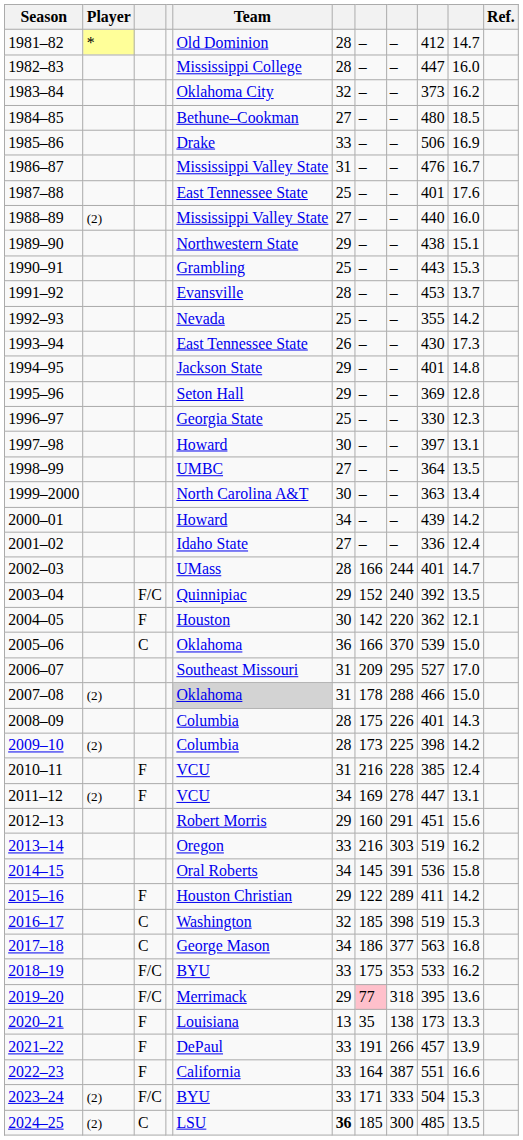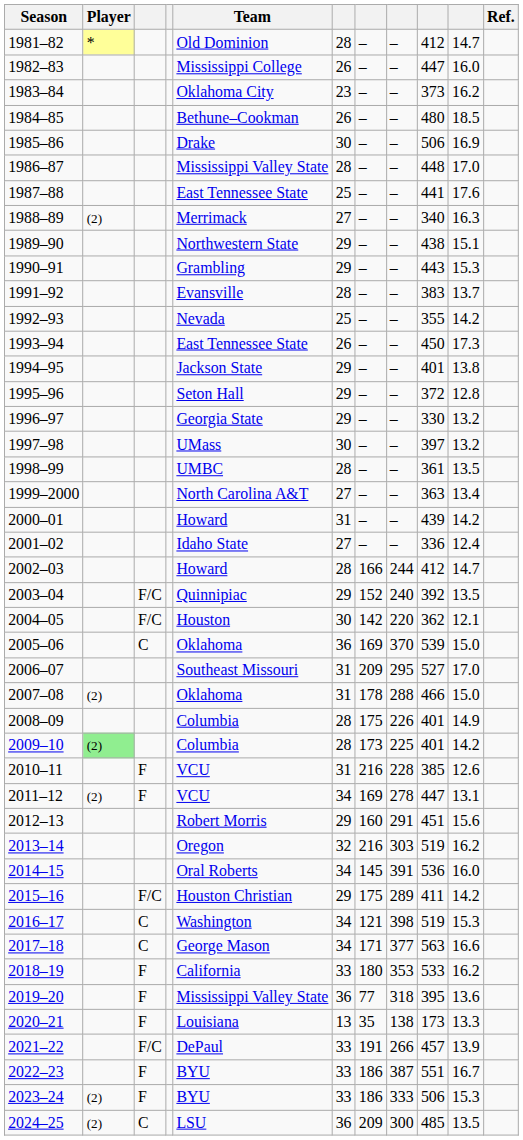 <table class="wikitable sortable">
 <tr>
 <th>Season</th>
 <th>Player</th>
 <th></th>
 <th></th>
 <th>Team</th>
 <th></th>
 <th data-sort-type="number"></th>
 <th data-sort-type="number"></th>
 <th data-sort-type="number"></th>
 <th data-sort-type="number"></th>
 <th class="unsortable">Ref.</th>
 </tr>
 <tr>
 <td>1981–82</td>
 <td style="background-color:#FFFF99;">*</td>
 <td></td>
 <td></td>
 <td><a href='#'>Old Dominion</a></td>
 <td>28</td>
 <td>–</td>
 <td>–</td>
 <td>412</td>
 <td align=right>14.7</td>
 <td align=center></td>
 </tr>
 <tr>
 <td>1982–83</td>
 <td></td>
 <td></td>
 <td></td>
 <td><a href='#'>Mississippi College</a></td>
-<td>28</td>
+<td>26</td>
 <td>–</td>
 <td>–</td>
 <td>447</td>
 <td align=right>16.0</td>
 <td align=center></td>
 </tr>
 <tr>
 <td>1983–84</td>
 <td></td>
 <td></td>
 <td></td>
 <td><a href='#'>Oklahoma City</a></td>
-<td>32</td>
+<td>23</td>
 <td>–</td>
 <td>–</td>
 <td>373</td>
 <td align=right>16.2</td>
 <td align=center></td>
 </tr>
 <tr>
 <td>1984–85</td>
 <td></td>
 <td></td>
 <td></td>
 <td><a href='#'>Bethune–Cookman</a></td>
-<td>27</td>
+<td>26</td>
 <td>–</td>
 <td>–</td>
 <td>480</td>
 <td align=right>18.5</td>
 <td align=center></td>
 </tr>
 <tr>
 <td>1985–86</td>
 <td></td>
 <td></td>
 <td></td>
 <td><a href='#'>Drake</a></td>
-<td>33</td>
+<td>30</td>
 <td>–</td>
 <td>–</td>
 <td>506</td>
 <td align=right>16.9</td>
 <td align=center></td>
 </tr>
 <tr>
 <td>1986–87</td>
 <td></td>
 <td></td>
 <td></td>
 <td><a href='#'>Mississippi Valley State</a></td>
-<td>31</td>
+<td>28</td>
 <td>–</td>
 <td>–</td>
-<td>476</td>
-<td align=right>16.7</td>
+<td>448</td>
+<td align=right>17.0</td>
 <td align=center></td>
 </tr>
 <tr>
 <td>1987–88</td>
 <td></td>
 <td></td>
 <td></td>
 <td><a href='#'>East Tennessee State</a></td>
 <td>25</td>
 <td>–</td>
 <td>–</td>
-<td>401</td>
+<td>441</td>
 <td align=right>17.6</td>
 <td align=center></td>
 </tr>
 <tr>
 <td>1988–89</td>
 <td> <small>(2)</small></td>
 <td></td>
 <td></td>
-<td><a href='#'>Mississippi Valley State</a></td>
+<td><a href='#'>Merrimack</a></td>
 <td>27</td>
 <td>–</td>
 <td>–</td>
-<td>440</td>
-<td align=right>16.0</td>
+<td>340</td>
+<td align=right>16.3</td>
 <td align=center></td>
 </tr>
 <tr>
 <td>1989–90</td>
 <td></td>
 <td></td>
 <td></td>
 <td><a href='#'>Northwestern State</a></td>
 <td>29</td>
 <td>–</td>
 <td>–</td>
 <td>438</td>
 <td align=right>15.1</td>
 <td align=center></td>
 </tr>
 <tr>
 <td>1990–91</td>
 <td></td>
 <td></td>
 <td></td>
 <td><a href='#'>Grambling</a></td>
-<td>25</td>
+<td>29</td>
 <td>–</td>
 <td>–</td>
 <td>443</td>
 <td align=right>15.3</td>
 <td align=center></td>
 </tr>
 <tr>
 <td>1991–92</td>
 <td></td>
 <td></td>
 <td></td>
 <td><a href='#'>Evansville</a></td>
 <td>28</td>
 <td>–</td>
 <td>–</td>
-<td>453</td>
+<td>383</td>
 <td align=right>13.7</td>
 <td align=center></td>
 </tr>
 <tr>
 <td>1992–93</td>
 <td></td>
 <td></td>
 <td></td>
 <td><a href='#'>Nevada</a></td>
 <td>25</td>
 <td>–</td>
 <td>–</td>
 <td>355</td>
 <td align=right>14.2</td>
 <td align=center></td>
 </tr>
 <tr>
 <td>1993–94</td>
 <td></td>
 <td></td>
 <td></td>
 <td><a href='#'>East Tennessee State</a></td>
 <td>26</td>
 <td>–</td>
 <td>–</td>
-<td>430</td>
+<td>450</td>
 <td align=right>17.3</td>
 <td align=center></td>
 </tr>
 <tr>
 <td>1994–95</td>
 <td></td>
 <td></td>
 <td></td>
 <td><a href='#'>Jackson State</a></td>
 <td>29</td>
 <td>–</td>
 <td>–</td>
 <td>401</td>
-<td align=right>14.8</td>
+<td align=right>13.8</td>
 <td align=center></td>
 </tr>
 <tr>
 <td>1995–96</td>
 <td></td>
 <td></td>
 <td></td>
 <td><a href='#'>Seton Hall</a></td>
 <td>29</td>
 <td>–</td>
 <td>–</td>
-<td>369</td>
+<td>372</td>
 <td align=right>12.8</td>
 <td align=center></td>
 </tr>
 <tr>
 <td>1996–97</td>
 <td></td>
 <td></td>
 <td></td>
 <td><a href='#'>Georgia State</a></td>
-<td>25</td>
+<td>29</td>
 <td>–</td>
 <td>–</td>
 <td>330</td>
-<td align=right>12.3</td>
+<td align=right>13.2</td>
 <td align=center></td>
 </tr>
 <tr>
 <td>1997–98</td>
 <td></td>
 <td></td>
 <td></td>
-<td><a href='#'>Howard</a></td>
+<td><a href='#'>UMass</a></td>
 <td>30</td>
 <td>–</td>
 <td>–</td>
 <td>397</td>
-<td align=right>13.1</td>
+<td align=right>13.2</td>
 <td align=center></td>
 </tr>
 <tr>
 <td>1998–99</td>
 <td></td>
 <td></td>
 <td></td>
 <td><a href='#'>UMBC</a></td>
-<td>27</td>
+<td>28</td>
 <td>–</td>
 <td>–</td>
-<td>364</td>
+<td>361</td>
 <td align=right>13.5</td>
 <td align=center></td>
 </tr>
 <tr>
 <td>1999–2000</td>
 <td></td>
 <td></td>
 <td></td>
 <td><a href='#'>North Carolina A&T</a></td>
-<td>30</td>
+<td>27</td>
 <td>–</td>
 <td>–</td>
 <td>363</td>
 <td align=right>13.4</td>
 <td align=center></td>
 </tr>
 <tr>
 <td>2000–01</td>
 <td></td>
 <td></td>
 <td></td>
 <td><a href='#'>Howard</a></td>
-<td>34</td>
+<td>31</td>
 <td>–</td>
 <td>–</td>
 <td>439</td>
 <td align=right>14.2</td>
 <td align=center></td>
 </tr>
 <tr>
 <td>2001–02</td>
 <td></td>
 <td></td>
 <td></td>
 <td><a href='#'>Idaho State</a></td>
 <td>27</td>
 <td>–</td>
 <td>–</td>
 <td>336</td>
 <td align=right>12.4</td>
 <td align=center></td>
 </tr>
 <tr>
 <td>2002–03</td>
 <td></td>
 <td></td>
 <td></td>
-<td><a href='#'>UMass</a></td>
+<td><a href='#'>Howard</a></td>
 <td>28</td>
 <td>166</td>
 <td>244</td>
-<td>401</td>
+<td>412</td>
 <td align=right>14.7</td>
 <td align=center></td>
 </tr>
 <tr>
 <td>2003–04</td>
 <td></td>
 <td>F/C</td>
 <td></td>
 <td><a href='#'>Quinnipiac</a></td>
 <td>29</td>
 <td>152</td>
 <td>240</td>
 <td>392</td>
 <td align=right>13.5</td>
 <td align=center></td>
 </tr>
 <tr>
 <td>2004–05</td>
 <td></td>
-<td>F</td>
+<td>F/C</td>
 <td></td>
 <td><a href='#'>Houston</a></td>
 <td>30</td>
 <td>142</td>
 <td>220</td>
 <td>362</td>
 <td align=right>12.1</td>
 <td align=center></td>
 </tr>
 <tr>
 <td>2005–06</td>
 <td></td>
 <td>C</td>
 <td></td>
 <td><a href='#'>Oklahoma</a></td>
 <td>36</td>
-<td>166</td>
+<td>169</td>
 <td>370</td>
 <td>539</td>
 <td align=right>15.0</td>
 <td align=center></td>
 </tr>
 <tr>
 <td>2006–07</td>
 <td></td>
 <td></td>
 <td></td>
 <td><a href='#'>Southeast Missouri</a></td>
 <td>31</td>
 <td>209</td>
 <td>295</td>
 <td>527</td>
 <td align=right>17.0</td>
 <td align=center></td>
 </tr>
 <tr>
 <td>2007–08</td>
 <td> <small>(2)</small></td>
 <td></td>
 <td></td>
-<td style="background: lightgrey;"><a href='#'>Oklahoma</a></td>
+<td><a href='#'>Oklahoma</a></td>
 <td>31</td>
 <td>178</td>
 <td>288</td>
 <td>466</td>
 <td align=right>15.0</td>
 <td align=center></td>
 </tr>
 <tr>
 <td>2008–09</td>
 <td></td>
 <td></td>
 <td></td>
 <td><a href='#'>Columbia</a></td>
 <td>28</td>
 <td>175</td>
 <td>226</td>
 <td>401</td>
-<td align=right>14.3</td>
+<td align=right>14.9</td>
 <td align=center></td>
 </tr>
 <tr>
 <td><a href='#'>2009–10</a></td>
-<td> <small>(2)</small></td>
+<td style="background: lightgreen;"> <small>(2)</small></td>
 <td></td>
 <td></td>
 <td><a href='#'>Columbia</a></td>
 <td>28</td>
 <td>173</td>
 <td>225</td>
-<td>398</td>
+<td>401</td>
 <td align=right>14.2</td>
 <td align=center></td>
 </tr>
 <tr>
 <td>2010–11</td>
 <td></td>
 <td>F</td>
 <td></td>
 <td><a href='#'>VCU</a></td>
 <td>31</td>
 <td>216</td>
 <td>228</td>
 <td>385</td>
-<td align=right>12.4</td>
+<td align=right>12.6</td>
 <td align=center></td>
 </tr>
 <tr>
 <td>2011–12</td>
 <td> <small>(2)</small></td>
 <td>F</td>
 <td></td>
 <td><a href='#'>VCU</a></td>
 <td>34</td>
 <td>169</td>
 <td>278</td>
 <td>447</td>
 <td align=right>13.1</td>
 <td align=center></td>
 </tr>
 <tr>
 <td>2012–13</td>
 <td></td>
 <td></td>
 <td></td>
 <td><a href='#'>Robert Morris</a></td>
 <td>29</td>
 <td>160</td>
 <td>291</td>
 <td>451</td>
 <td align=right>15.6</td>
 <td align=center></td>
 </tr>
 <tr>
 <td><a href='#'>2013–14</a></td>
 <td></td>
 <td></td>
 <td></td>
 <td><a href='#'>Oregon</a></td>
-<td>33</td>
+<td>32</td>
 <td>216</td>
 <td>303</td>
 <td>519</td>
 <td align=right>16.2</td>
 <td align=center></td>
 </tr>
 <tr>
 <td><a href='#'>2014–15</a></td>
 <td></td>
 <td></td>
 <td></td>
 <td><a href='#'>Oral Roberts</a></td>
 <td>34</td>
 <td>145</td>
 <td>391</td>
 <td>536</td>
-<td align=right>15.8</td>
+<td align=right>16.0</td>
 <td align=center></td>
 </tr>
 <tr>
 <td><a href='#'>2015–16</a></td>
 <td></td>
-<td>F</td>
+<td>F/C</td>
 <td></td>
 <td><a href='#'>Houston Christian</a></td>
 <td>29</td>
-<td>122</td>
+<td>175</td>
 <td>289</td>
 <td>411</td>
 <td align=right>14.2</td>
 <td align=center></td>
 </tr>
 <tr>
 <td><a href='#'>2016–17</a></td>
 <td></td>
 <td>C</td>
 <td></td>
 <td><a href='#'>Washington</a></td>
-<td>32</td>
-<td>185</td>
+<td>34</td>
+<td>121</td>
 <td>398</td>
 <td>519</td>
 <td align=right>15.3</td>
 <td align=center></td>
 </tr>
 <tr>
 <td><a href='#'>2017–18</a></td>
 <td></td>
 <td>C</td>
 <td></td>
 <td><a href='#'>George Mason</a></td>
 <td>34</td>
-<td>186</td>
+<td>171</td>
 <td>377</td>
 <td>563</td>
-<td align=right>16.8</td>
+<td align=right>16.6</td>
 <td align=center></td>
 </tr>
 <tr>
 <td><a href='#'>2018–19</a></td>
 <td></td>
-<td>F/C</td>
+<td>F</td>
 <td></td>
-<td><a href='#'>BYU</a></td>
+<td><a href='#'>California</a></td>
 <td>33</td>
-<td>175</td>
+<td>180</td>
 <td>353</td>
 <td>533</td>
 <td align=right>16.2</td>
 <td align=center></td>
 </tr>
 <tr>
 <td><a href='#'>2019–20</a></td>
 <td></td>
-<td>F/C</td>
+<td>F</td>
 <td></td>
-<td><a href='#'>Merrimack</a></td>
-<td>29</td>
-<td style="background: pink;">77</td>
+<td><a href='#'>Mississippi Valley State</a></td>
+<td>36</td>
+<td>77</td>
 <td>318</td>
 <td>395</td>
 <td align=right>13.6</td>
 <td align=center></td>
 </tr>
 <tr>
 <td><a href='#'>2020–21</a></td>
 <td></td>
 <td>F</td>
 <td></td>
 <td><a href='#'>Louisiana</a></td>
 <td>13</td>
 <td>35</td>
 <td>138</td>
 <td>173</td>
 <td align=right>13.3</td>
 <td align=center></td>
 </tr>
 <tr>
 <td><a href='#'>2021–22</a></td>
 <td></td>
-<td>F</td>
+<td>F/C</td>
 <td></td>
 <td><a href='#'>DePaul</a></td>
 <td>33</td>
 <td>191</td>
 <td>266</td>
 <td>457</td>
 <td align=right>13.9</td>
 <td align=center></td>
 </tr>
 <tr>
 <td><a href='#'>2022–23</a></td>
 <td></td>
 <td>F</td>
 <td></td>
-<td><a href='#'>California</a></td>
+<td><a href='#'>BYU</a></td>
 <td>33</td>
-<td>164</td>
+<td>186</td>
 <td>387</td>
 <td>551</td>
-<td align=right>16.6</td>
+<td align=right>16.7</td>
 <td align=center></td>
 </tr>
 <tr>
 <td><a href='#'>2023–24</a></td>
 <td> <small>(2)</small></td>
-<td>F/C</td>
+<td>F</td>
 <td></td>
 <td><a href='#'>BYU</a></td>
 <td>33</td>
-<td>171</td>
+<td>186</td>
 <td>333</td>
-<td>504</td>
+<td>506</td>
 <td align=right>15.3</td>
 <td align=center></td>
 </tr>
 <tr>
 <td><a href='#'>2024–25</a></td>
 <td> <small>(2)</small></td>
 <td>C</td>
 <td></td>
 <td><a href='#'>LSU</a></td>
-<td><strong>36</strong></td>
-<td>185</td>
+<td>36</td>
+<td>209</td>
 <td>300</td>
 <td>485</td>
 <td align=right>13.5</td>
 <td align=center></td>
 </tr>
 </table>
